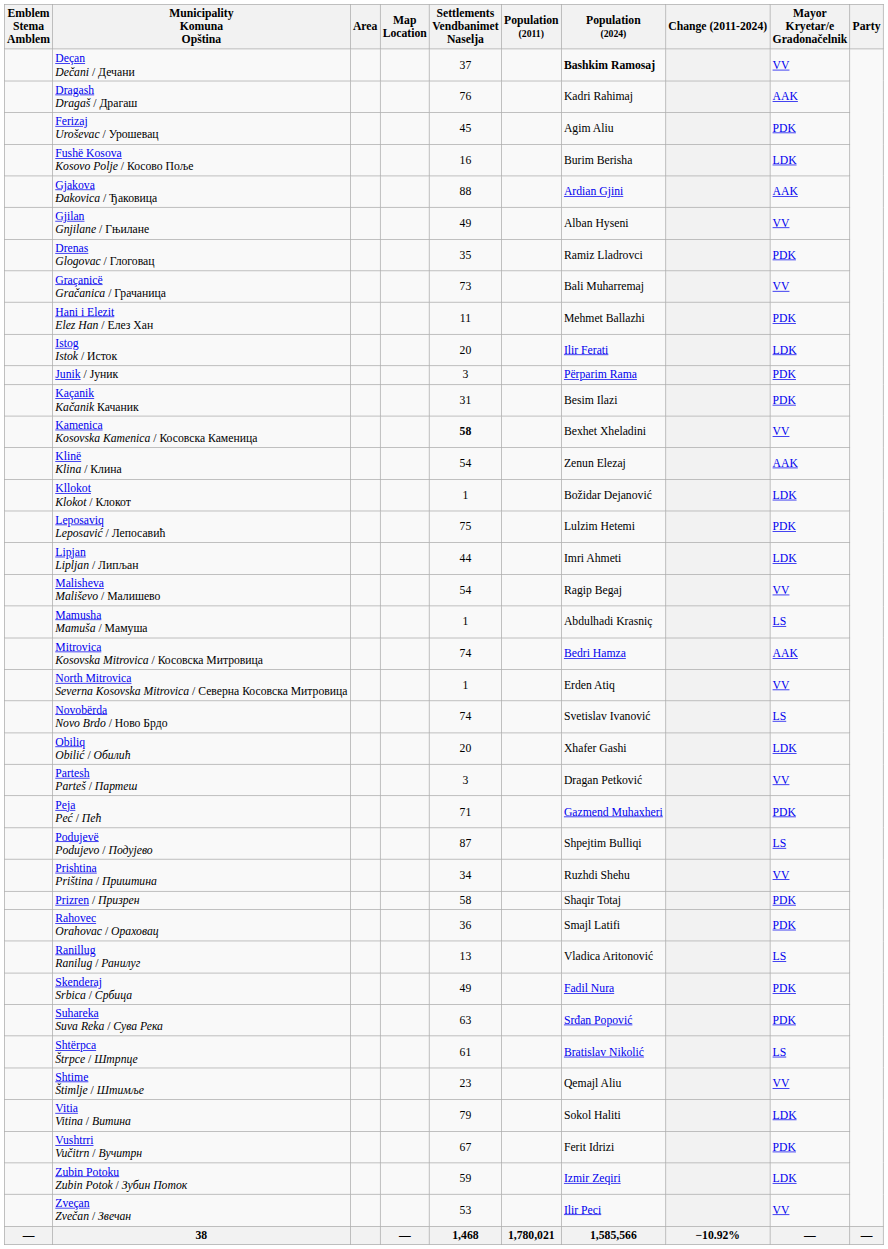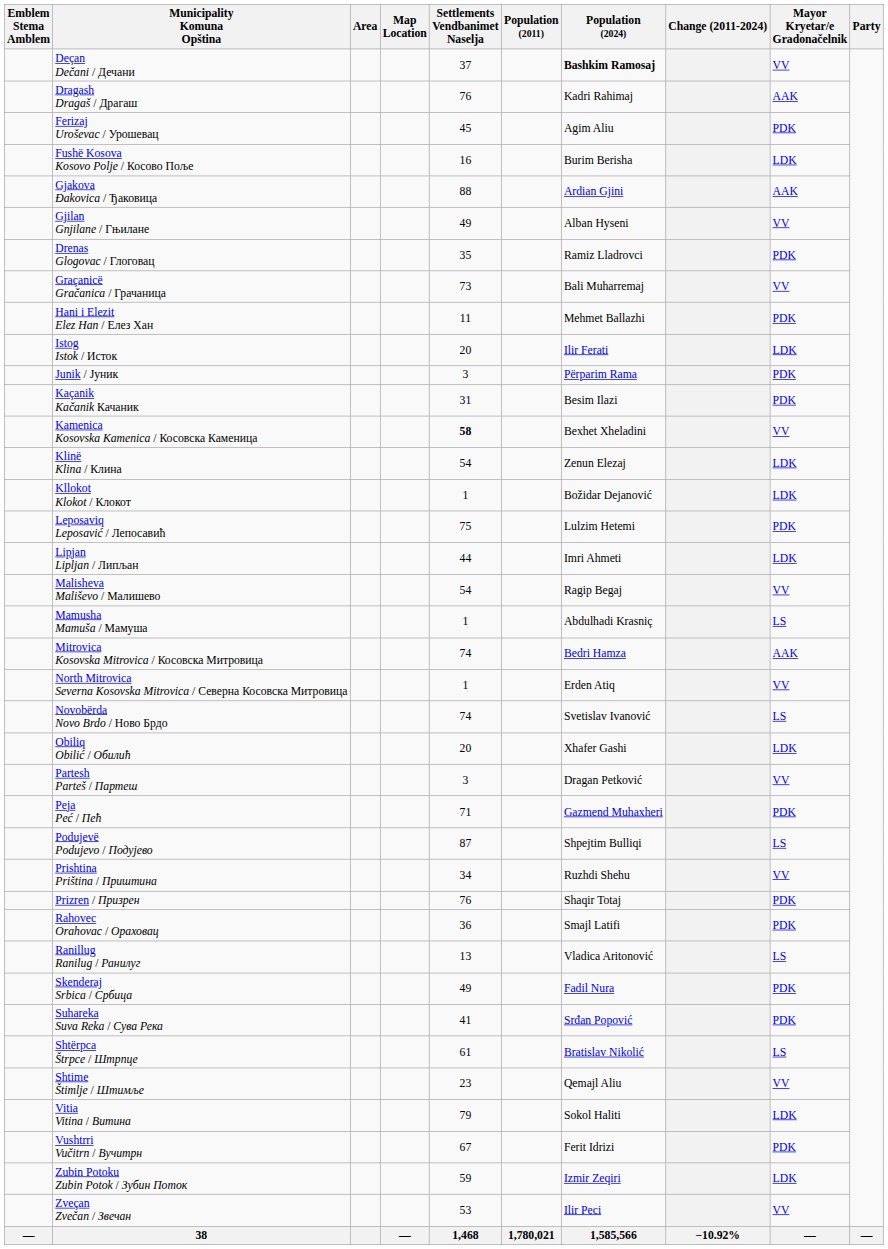 <table class="wikitable sortable">
 <tr>
 <th>Emblem<br>Stema<br>Amblem</th>
 <th>Municipality<br>Komuna<br>Opština</th>
 <th>Area</th>
 <th>Map<br>Location</th>
 <th>Settlements<br>Vendbanimet<br>Naselja</th>
 <th>Population<br><small>(2011)</small></th>
 <th>Population<br><small>(2024)</small></th>
 <th>Change (2011-2024)</th>
 <th>Mayor<br>Kryetar/e<br>Gradonačelnik</th>
 <th colspan="2">Party</th>
 </tr>
 <tr>
 <td align="center"></td>
 <td><a href='#'>Deçan</a><br><em>Dečani</em> / Дечани</td>
 <td></td>
 <td align="center"></td>
 <td align="center">37</td>
 <td></td>
 <td><strong>Bashkim Ramosaj</strong></td>
 <th style="background-color: "></th>
 <td><a href='#'>VV</a></td>
 </tr>
 <tr>
 <td align="center"></td>
 <td><a href='#'>Dragash</a><br><em>Dragaš</em> / Драгаш</td>
 <td></td>
 <td align="center"></td>
 <td align="center">76</td>
 <td></td>
 <td>Kadri Rahimaj</td>
 <th style="background-color: "></th>
 <td><a href='#'>AAK</a></td>
 </tr>
 <tr>
 <td align="center"></td>
 <td><a href='#'>Ferizaj</a><br><em>Uroševac</em> / Урошевац</td>
 <td></td>
 <td align="center"></td>
 <td align="center">45</td>
 <td></td>
 <td>Agim Aliu</td>
 <th style="background-color: "></th>
 <td><a href='#'>PDK</a></td>
 </tr>
 <tr>
 <td align="center"></td>
 <td><a href='#'>Fushë Kosova</a><br><em>Kosovo Polje</em> / Косово Поље</td>
 <td></td>
 <td align="center"></td>
 <td align="center">16</td>
 <td></td>
 <td>Burim Berisha</td>
 <th style="background-color: "></th>
 <td><a href='#'>LDK</a></td>
 </tr>
 <tr>
 <td align="center"></td>
 <td><a href='#'>Gjakova</a><br><em>Đakovica</em> / Ђаковица</td>
 <td></td>
 <td align="center"></td>
 <td align="center">88</td>
 <td></td>
 <td><a href='#'>Ardian Gjini</a></td>
 <th style="background-color: "></th>
 <td><a href='#'>AAK</a></td>
 </tr>
 <tr>
 <td align="center"></td>
 <td><a href='#'>Gjilan</a><br><em>Gnjilane</em> / Гњилане</td>
 <td></td>
 <td align="center"></td>
 <td align="center">49</td>
 <td></td>
 <td>Alban Hyseni</td>
 <th style="background-color: "></th>
 <td><a href='#'>VV</a></td>
 </tr>
 <tr>
 <td align="center"></td>
 <td><a href='#'>Drenas</a><br><em>Glogovac</em> / Глоговац</td>
 <td></td>
 <td align="center"></td>
 <td align="center">35</td>
 <td></td>
 <td>Ramiz Lladrovci</td>
 <th style="background-color: "></th>
 <td><a href='#'>PDK</a></td>
 </tr>
 <tr>
 <td align="center"></td>
 <td><a href='#'>Graçanicë</a><br><em>Gračanica</em> / Грачаница</td>
 <td></td>
 <td align="center"></td>
 <td align="center">73</td>
 <td></td>
 <td>Bali Muharremaj</td>
 <th style="background-color: "></th>
 <td><a href='#'>VV</a></td>
 </tr>
 <tr>
 <td align="center"></td>
 <td><a href='#'>Hani i Elezit</a><br><em>Elez Han</em> / Елез Хан</td>
 <td></td>
 <td align="center"></td>
 <td align="center">11</td>
 <td></td>
 <td>Mehmet Ballazhi</td>
 <th style="background-color: "></th>
 <td><a href='#'>PDK</a></td>
 </tr>
 <tr>
 <td align="center"></td>
 <td><a href='#'>Istog</a><br><em>Istok</em> / Исток</td>
 <td></td>
 <td align="center"></td>
 <td align="center">20</td>
 <td></td>
 <td><a href='#'>Ilir Ferati</a></td>
 <th style="background-color: "></th>
 <td><a href='#'>LDK</a></td>
 </tr>
 <tr>
 <td align="center"></td>
 <td><a href='#'>Junik</a> / Јуник</td>
 <td></td>
 <td align="center"></td>
 <td align="center">3</td>
 <td></td>
 <td><a href='#'>Përparim Rama</a></td>
 <th style="background-color: "></th>
 <td><a href='#'>PDK</a></td>
 </tr>
 <tr>
 <td align="center"></td>
 <td><a href='#'>Kaçanik</a><br><em>Kačanik</em> Качаник</td>
 <td></td>
 <td align="center"></td>
 <td align="center">31</td>
 <td></td>
 <td>Besim Ilazi</td>
 <th style="background-color: "></th>
 <td><a href='#'>PDK</a></td>
 </tr>
 <tr>
 <td align="center"></td>
 <td><a href='#'>Kamenica</a><br><em>Kosovska Kamenica</em> / Косовска Каменица</td>
 <td></td>
 <td align="center"></td>
 <td align="center"><strong>58</strong></td>
 <td></td>
 <td>Bexhet Xheladini</td>
 <th style="background-color: "></th>
 <td><a href='#'>VV</a></td>
 </tr>
 <tr>
 <td align="center"></td>
 <td><a href='#'>Klinë</a><br><em>Klina</em> / Клина</td>
 <td></td>
 <td align="center"></td>
 <td align="center">54</td>
 <td></td>
 <td>Zenun Elezaj</td>
 <th style="background-color: "></th>
-<td><a href='#'>AAK</a></td>
+<td><a href='#'>LDK</a></td>
 </tr>
 <tr>
 <td align="center"></td>
 <td><a href='#'>Kllokot</a><br><em>Klokot</em> / Клокот</td>
 <td></td>
 <td align="center"></td>
 <td align="center">1</td>
 <td></td>
 <td>Božidar Dejanović</td>
 <th style="background-color: "></th>
 <td><a href='#'>LDK</a></td>
 </tr>
 <tr>
 <td align="center"></td>
 <td><a href='#'>Leposaviq</a><br><em>Leposavić</em> / Лепосавић</td>
 <td></td>
 <td align="center"></td>
 <td align="center">75</td>
 <td></td>
 <td>Lulzim Hetemi</td>
 <th style="background-color: "></th>
 <td><a href='#'>PDK</a></td>
 </tr>
 <tr>
 <td align="center"></td>
 <td><a href='#'>Lipjan</a><br><em>Lipljan</em> / Липљан</td>
 <td></td>
 <td align="center"></td>
 <td align="center">44</td>
 <td></td>
 <td>Imri Ahmeti</td>
 <th style="background-color: "></th>
 <td><a href='#'>LDK</a></td>
 </tr>
 <tr>
 <td align="center"></td>
 <td><a href='#'>Malisheva</a><br><em>Mališevo</em> / Малишево</td>
 <td></td>
 <td align="center"></td>
 <td align="center">54</td>
 <td></td>
 <td>Ragip Begaj</td>
 <th style="background-color: "></th>
 <td><a href='#'>VV</a></td>
 </tr>
 <tr>
 <td align="center"></td>
 <td><a href='#'>Mamusha</a><br><em>Mamuša</em> / Мамуша</td>
 <td></td>
 <td align="center"></td>
 <td align="center">1</td>
 <td></td>
 <td>Abdulhadi Krasniç</td>
 <th style="background-color: "></th>
 <td><a href='#'>LS</a></td>
 </tr>
 <tr>
 <td align="center"></td>
 <td><a href='#'>Mitrovica</a><br><em>Kosovska Mitrovica</em> / Косовска Митровица</td>
 <td></td>
 <td align="center"></td>
 <td align="center">74</td>
 <td></td>
 <td><a href='#'>Bedri Hamza</a></td>
 <th style="background-color: "></th>
 <td><a href='#'>AAK</a></td>
 </tr>
 <tr>
 <td align="center"></td>
 <td><a href='#'>North Mitrovica</a><br><em>Severna Kosovska Mitrovica</em> / Северна Косовска Митровица</td>
 <td></td>
 <td align="center"></td>
 <td align="center">1</td>
 <td></td>
 <td>Erden Atiq</td>
 <th style="background-color: "></th>
 <td><a href='#'>VV</a></td>
 </tr>
 <tr>
 <td align="center"></td>
 <td><a href='#'>Novobërda</a><br><em>Novo Brdo</em> / Ново Брдо</td>
 <td></td>
 <td align="center"></td>
 <td align="center">74</td>
 <td></td>
 <td>Svetislav Ivanović</td>
 <th style="background-color: "></th>
 <td><a href='#'>LS</a></td>
 </tr>
 <tr>
 <td align="center"></td>
 <td><a href='#'>Obiliq</a><br><em>Obilić</em> / <em>Обилић</em></td>
 <td></td>
 <td align="center"></td>
 <td align="center">20</td>
 <td></td>
 <td>Xhafer Gashi</td>
 <th style="background-color: "></th>
 <td><a href='#'>LDK</a></td>
 </tr>
 <tr>
 <td align="center"></td>
 <td><a href='#'>Partesh</a><br><em>Parteš</em> / <em>Партеш</em></td>
 <td></td>
 <td align="center"></td>
 <td align="center">3</td>
 <td></td>
 <td>Dragan Petković</td>
 <th style="background-color: "></th>
 <td><a href='#'>VV</a></td>
 </tr>
 <tr>
 <td align="center"></td>
 <td><a href='#'>Peja</a><br><em>Peć</em> / <em>Пећ</em></td>
 <td></td>
 <td align="center"></td>
 <td align="center">71</td>
 <td></td>
 <td><a href='#'>Gazmend Muhaxheri</a></td>
 <th style="background-color: "></th>
 <td><a href='#'>PDK</a></td>
 </tr>
 <tr>
 <td align="center"></td>
 <td><a href='#'>Podujevë</a><br><em>Podujevo</em> / <em>Подујево</em></td>
 <td></td>
 <td align="center"></td>
 <td align="center">87</td>
 <td></td>
 <td>Shpejtim Bulliqi</td>
 <th style="background-color: "></th>
 <td><a href='#'>LS</a></td>
 </tr>
 <tr>
 <td align="center"></td>
 <td><a href='#'>Prishtina</a><br><em>Priština</em> / <em>Приштина</em></td>
 <td></td>
 <td align="center"></td>
 <td align="center">34</td>
 <td></td>
 <td>Ruzhdi Shehu</td>
 <th style="background-color: "></th>
 <td><a href='#'>VV</a></td>
 </tr>
 <tr>
 <td align="center"></td>
 <td><a href='#'>Prizren</a> / <em>Призрен</em></td>
 <td></td>
 <td align="center"></td>
-<td align="center">58</td>
+<td align="center">76</td>
 <td></td>
 <td>Shaqir Totaj</td>
 <th style="background-color: "></th>
 <td><a href='#'>PDK</a></td>
 </tr>
 <tr>
 <td align="center"></td>
 <td><a href='#'>Rahovec</a><br><em>Orahovac</em> / <em>Ораховац</em></td>
 <td></td>
 <td align="center"></td>
 <td align="center">36</td>
 <td></td>
 <td>Smajl Latifi</td>
 <th style="background-color: "></th>
 <td><a href='#'>PDK</a></td>
 </tr>
 <tr>
 <td align="center"></td>
 <td><a href='#'>Ranillug</a><br><em>Ranilug</em> / <em>Ранилуг</em></td>
 <td></td>
 <td align="center"></td>
 <td align="center">13</td>
 <td></td>
 <td>Vladica Aritonović</td>
 <th style="background-color: "></th>
 <td><a href='#'>LS</a></td>
 </tr>
 <tr>
 <td align="center"></td>
 <td><a href='#'>Skenderaj</a><br><em>Srbica</em> / <em>Србица</em></td>
 <td></td>
 <td align="center"></td>
 <td align="center">49</td>
 <td></td>
 <td><a href='#'>Fadil Nura</a></td>
 <th style="background-color: "></th>
 <td><a href='#'>PDK</a></td>
 </tr>
 <tr>
 <td align="center"></td>
 <td><a href='#'>Suhareka</a><br><em>Suva Reka</em> / <em>Сува Река</em></td>
 <td></td>
 <td align="center"></td>
-<td align="center">63</td>
+<td align="center">41</td>
 <td></td>
 <td><a href='#'>Srđan Popović</a></td>
 <th style="background-color: "></th>
 <td><a href='#'>PDK</a></td>
 </tr>
 <tr>
 <td align="center"></td>
 <td><a href='#'>Shtërpca</a><br><em>Štrpce</em> / <em>Штрпце</em></td>
 <td></td>
 <td align="center"></td>
 <td align="center">61</td>
 <td></td>
 <td><a href='#'>Bratislav Nikolić</a></td>
 <th style="background-color: "></th>
 <td><a href='#'>LS</a></td>
 </tr>
 <tr>
 <td align="center"></td>
 <td><a href='#'>Shtime</a><br><em>Štimlje</em> / <em>Штимље</em></td>
 <td></td>
 <td align="center"></td>
 <td align="center">23</td>
 <td></td>
 <td>Qemajl Aliu</td>
 <th style="background-color: "></th>
 <td><a href='#'>VV</a></td>
 </tr>
 <tr>
 <td align="center"></td>
 <td><a href='#'>Vitia</a><br><em>Vitina</em> / <em>Витина</em></td>
 <td></td>
 <td align="center"></td>
 <td align="center">79</td>
 <td></td>
 <td>Sokol Haliti</td>
 <th style="background-color: "></th>
 <td><a href='#'>LDK</a></td>
 </tr>
 <tr>
 <td align="center"></td>
 <td><a href='#'>Vushtrri</a><br><em>Vučitrn</em> / <em>Вучитрн</em></td>
 <td></td>
 <td align="center"></td>
 <td align="center">67</td>
 <td></td>
 <td>Ferit Idrizi</td>
 <th style="background-color: "></th>
 <td><a href='#'>PDK</a></td>
 </tr>
 <tr>
 <td align="center"></td>
 <td><a href='#'>Zubin Potoku</a><br><em>Zubin Potok</em> / <em>Зубин Поток</em></td>
 <td></td>
 <td align="center"></td>
 <td align="center">59</td>
 <td></td>
 <td><a href='#'>Izmir Zeqiri</a></td>
 <th style="background-color: "></th>
 <td><a href='#'>LDK</a></td>
 </tr>
 <tr>
 <td align="center"></td>
 <td><a href='#'>Zveçan</a><br><em>Zvečan</em> / <em>Звечан</em></td>
 <td></td>
 <td align="center"></td>
 <td align="center">53</td>
 <td></td>
 <td><a href='#'>Ilir Peci</a></td>
 <th style="background-color: "></th>
 <td><a href='#'>VV</a></td>
 </tr>
 <tr>
 <th>—</th>
 <th>38</th>
 <th></th>
 <th>—</th>
 <th>1,468</th>
 <th>1,780,021</th>
 <th>1,585,566</th>
 <th>−10.92%</th>
 <th>—</th>
 <th colspan="2">—</th>
 </tr>
 </table>
